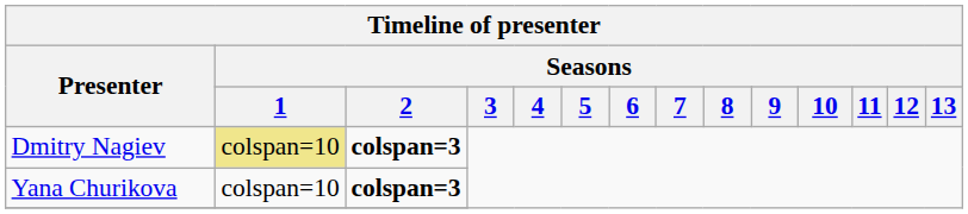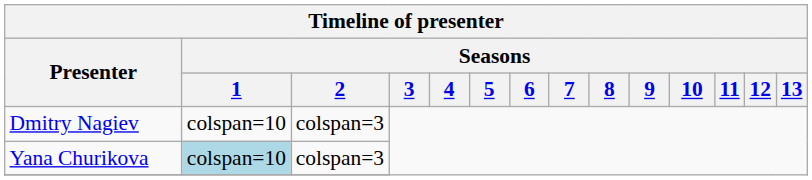 <table class="wikitable plainrowheaders collapsible mw-collapsible" style="max-width:600px">
 <tr>
 <th colspan=14>Timeline of presenter</th>
 </tr>
 <tr>
 <th rowspan=2 style="width:30%;">Presenter</th>
 <th colspan=13>Seasons</th>
 </tr>
 <tr>
 <th style="width:7%;"><a href='#'>1</a></th>
 <th style="width:7%;"><a href='#'>2</a></th>
 <th style="width:7%;"><a href='#'>3</a></th>
 <th style="width:7%;"><a href='#'>4</a></th>
 <th style="width:7%;"><a href='#'>5</a></th>
 <th style="width:7%;"><a href='#'>6</a></th>
 <th style="width:7%;"><a href='#'>7</a></th>
 <th style="width:7%;"><a href='#'>8</a></th>
 <th style="width:7%;"><a href='#'>9</a></th>
 <th style="width:7%;"><a href='#'>10</a></th>
 <th style="width:7%;"><a href='#'>11</a></th>
 <th style="width:7%;"><a href='#'>12</a></th>
 <th style="width:7%;"><a href='#'>13</a></th>
 </tr>
 <tr>
 <td><a href='#'>Dmitry Nagiev</a></td>
-<td style="background: khaki;">colspan=10 </td>
-<td><strong>colspan=3 </strong></td>
+<td>colspan=10 </td>
+<td>colspan=3 </td>
 </tr>
 <tr>
 <td><a href='#'>Yana Churikova</a></td>
-<td>colspan=10 </td>
-<td><strong>colspan=3 </strong></td>
+<td style="background: lightblue;">colspan=10 </td>
+<td>colspan=3 </td>
 </tr>
 <tr>
 </tr>
 </table>
